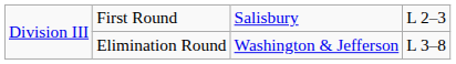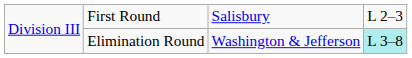 <table class="wikitable">
 <tr>
 <td rowspan="5"><a href='#'>Division III</a></td>
 <td>First Round</td>
 <td><a href='#'>Salisbury</a></td>
 <td>L 2–3</td>
 </tr>
 <tr>
 <td>Elimination Round</td>
 <td><a href='#'>Washington & Jefferson</a></td>
-<td>L 3–8</td>
+<td style="background: paleturquoise;">L 3–8</td>
 </tr>
 </table>
